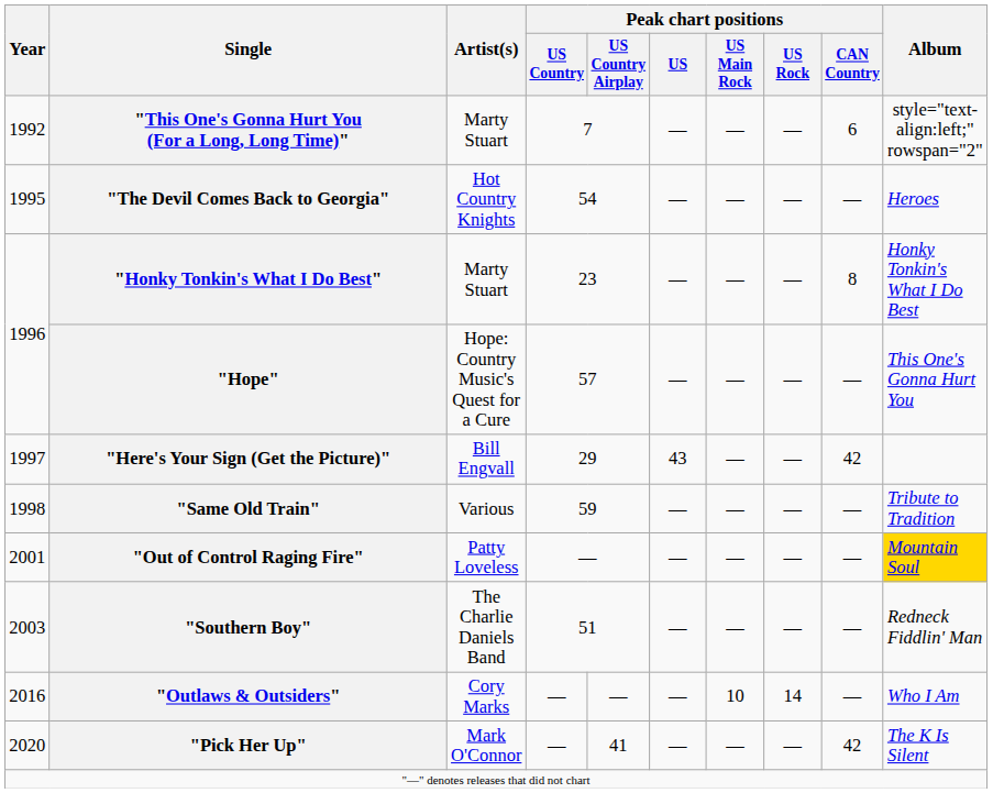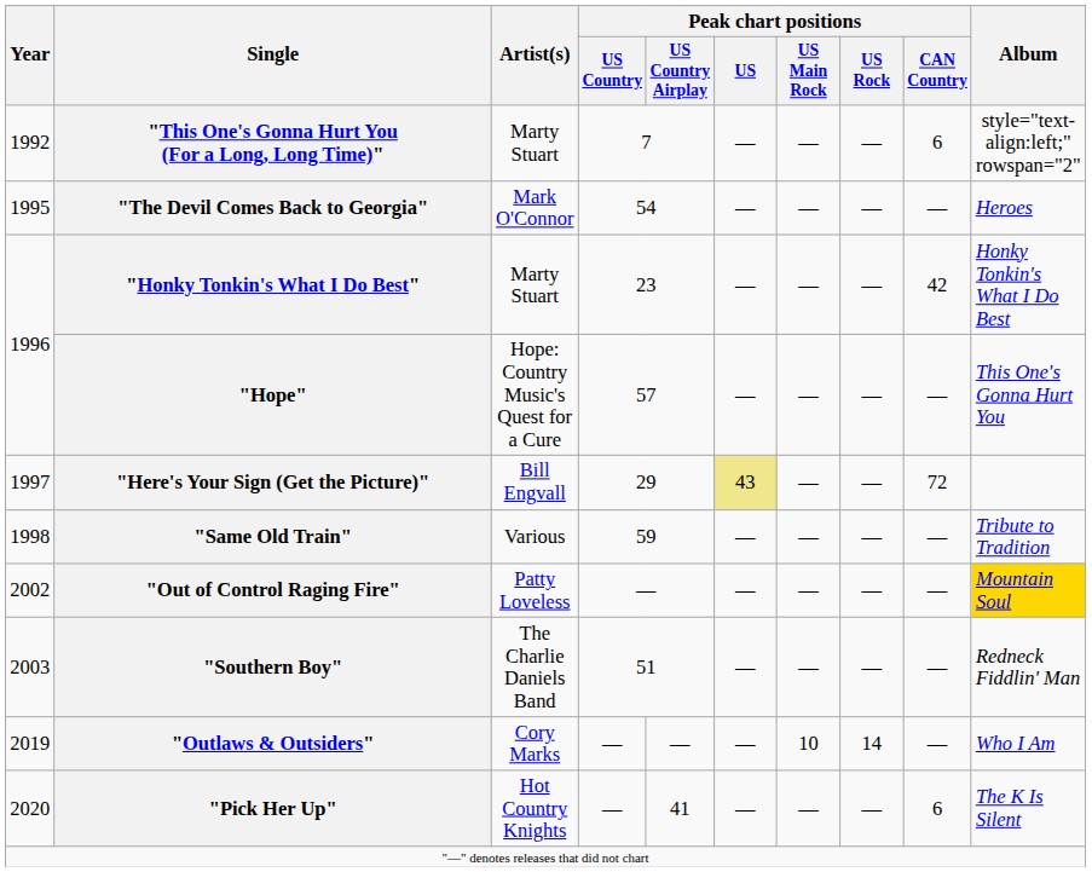 <table class="wikitable plainrowheaders" style="text-align:center;">
 <tr>
 <th rowspan="2">Year</th>
 <th rowspan="2" style="width:22em;">Single</th>
 <th rowspan="2">Artist(s)</th>
 <th colspan="6">Peak chart positions</th>
 <th rowspan="2">Album</th>
 </tr>
 <tr style="font-size:smaller;">
 <th style="width:45px;"><a href='#'>US Country</a><br></th>
 <th style="width:45px;"><a href='#'>US Country Airplay</a><br></th>
 <th style="width:45px;"><a href='#'>US</a><br></th>
 <th style="width:45px;"><a href='#'>US Main Rock</a><br></th>
 <th style="width:45px;"><a href='#'>US Rock</a><br></th>
 <th style="width:45px;"><a href='#'>CAN Country</a><br></th>
 </tr>
 <tr>
 <td>1992</td>
 <th scope="row">"<a href='#'>This One's Gonna Hurt You<br>(For a Long, Long Time)</a>"</th>
 <td>Marty Stuart</td>
 <td colspan=2>7</td>
 <td>—</td>
 <td>—</td>
 <td>—</td>
 <td>6</td>
 <td>style="text-align:left;" rowspan="2" </td>
 </tr>
 <tr>
 <td>1995</td>
 <th scope="row">"The Devil Comes Back to Georgia"</th>
-<td><a href='#'>Hot Country Knights</a></td>
+<td><a href='#'>Mark O'Connor</a> </td>
 <td colspan=2>54</td>
 <td>—</td>
 <td>—</td>
 <td>—</td>
 <td>—</td>
 <td style="text-align:left;"><em><a href='#'>Heroes</a></em></td>
 </tr>
 <tr>
 <td rowspan="2">1996</td>
 <th scope="row">"<a href='#'>Honky Tonkin's What I Do Best</a>"</th>
 <td>Marty Stuart</td>
 <td colspan=2>23</td>
 <td>—</td>
 <td>—</td>
 <td>—</td>
-<td>8</td>
+<td>42</td>
 <td style="text-align:left;"><em><a href='#'>Honky Tonkin's What I Do Best</a></em></td>
 </tr>
 <tr>
 <th scope="row">"Hope"</th>
 <td>Hope: Country Music's Quest for a Cure</td>
 <td colspan=2>57</td>
 <td>—</td>
 <td>—</td>
 <td>—</td>
 <td>—</td>
 <td style="text-align:left;"><em><a href='#'>This One's Gonna Hurt You</a></em></td>
 </tr>
 <tr>
 <td>1997</td>
 <th scope="row">"Here's Your Sign (Get the Picture)"</th>
 <td><a href='#'>Bill Engvall</a></td>
 <td colspan=2>29</td>
-<td>43</td>
+<td style="background: khaki;">43</td>
 <td>—</td>
 <td>—</td>
-<td>42</td>
+<td>72</td>
 </tr>
 <tr>
 <td>1998</td>
 <th scope="row">"Same Old Train"</th>
 <td>Various</td>
 <td colspan=2>59</td>
 <td>—</td>
 <td>—</td>
 <td>—</td>
 <td>—</td>
 <td style="text-align:left;"><em><a href='#'>Tribute to Tradition</a></em></td>
 </tr>
 <tr>
-<td>2001</td>
+<td>2002</td>
 <th scope="row">"Out of Control Raging Fire"</th>
 <td><a href='#'>Patty Loveless</a></td>
 <td colspan=2>—</td>
 <td>—</td>
 <td>—</td>
 <td>—</td>
 <td>—</td>
 <td style="background: gold; text-align:left;"><em><a href='#'>Mountain Soul</a></em></td>
 </tr>
 <tr>
 <td>2003</td>
 <th scope="row">"Southern Boy"</th>
 <td>The Charlie Daniels Band</td>
 <td colspan=2>51</td>
 <td>—</td>
 <td>—</td>
 <td>—</td>
 <td>—</td>
 <td style="text-align:left;"><em>Redneck Fiddlin' Man</em></td>
 </tr>
 <tr>
-<td>2016</td>
+<td>2019</td>
 <th scope="row">"<a href='#'>Outlaws & Outsiders</a>"</th>
 <td><a href='#'>Cory Marks</a></td>
 <td>—</td>
 <td>—</td>
 <td>—</td>
 <td>10</td>
 <td>14</td>
 <td>—</td>
 <td style="text-align:left;"><em><a href='#'>Who I Am</a></em></td>
 </tr>
 <tr>
 <td>2020</td>
 <th scope="row">"Pick Her Up"</th>
-<td><a href='#'>Mark O'Connor</a> </td>
+<td><a href='#'>Hot Country Knights</a></td>
 <td>—</td>
 <td>41</td>
 <td>—</td>
 <td>—</td>
 <td>—</td>
-<td>42</td>
+<td>6</td>
 <td style="text-align:left;"><em><a href='#'>The K Is Silent</a></em></td>
 </tr>
 <tr>
 <td colspan="10" style="font-size:8pt;">"—" denotes releases that did not chart</td>
 </tr>
 </table>
